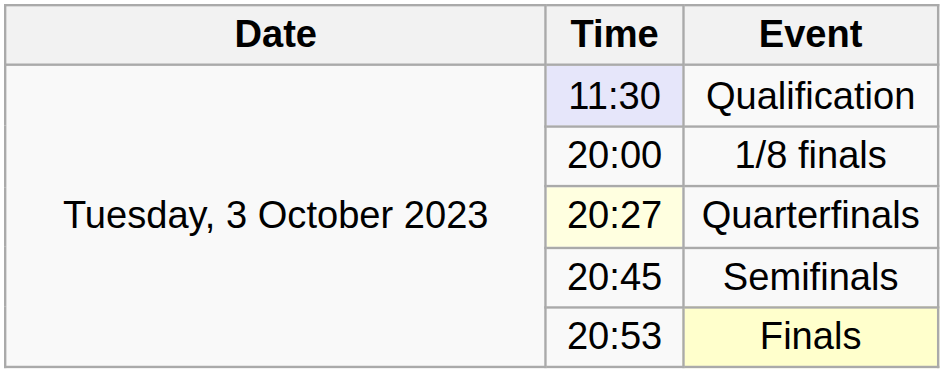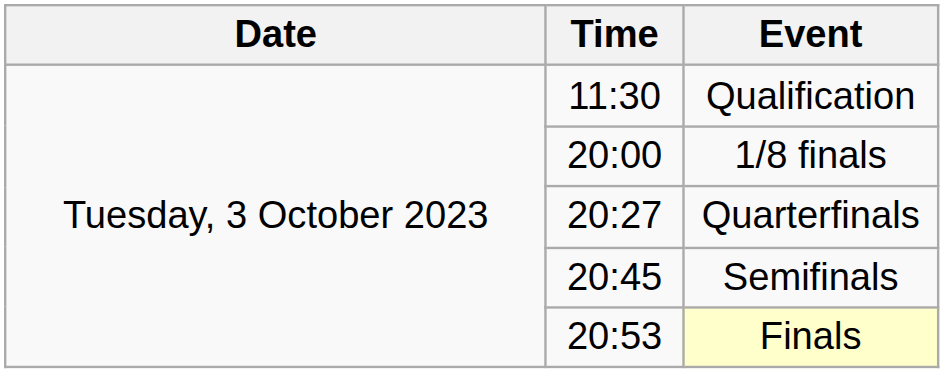 <table class = "wikitable" style="text-align:center;">
 <tr>
 <th width=220>Date</th>
 <th width=50>Time</th>
 <th width=100>Event</th>
 </tr>
 <tr>
 <td rowspan=5>Tuesday, 3 October 2023</td>
-<td style="background: lavender;">11:30</td>
+<td>11:30</td>
 <td>Qualification</td>
 </tr>
 <tr>
 <td>20:00</td>
 <td>1/8 finals</td>
 </tr>
 <tr>
-<td style="background: lightyellow;">20:27</td>
+<td>20:27</td>
 <td>Quarterfinals</td>
 </tr>
 <tr>
 <td>20:45</td>
 <td>Semifinals</td>
 </tr>
 <tr>
 <td>20:53</td>
 <td bgcolor=ffffcc>Finals</td>
 </tr>
 </table>
